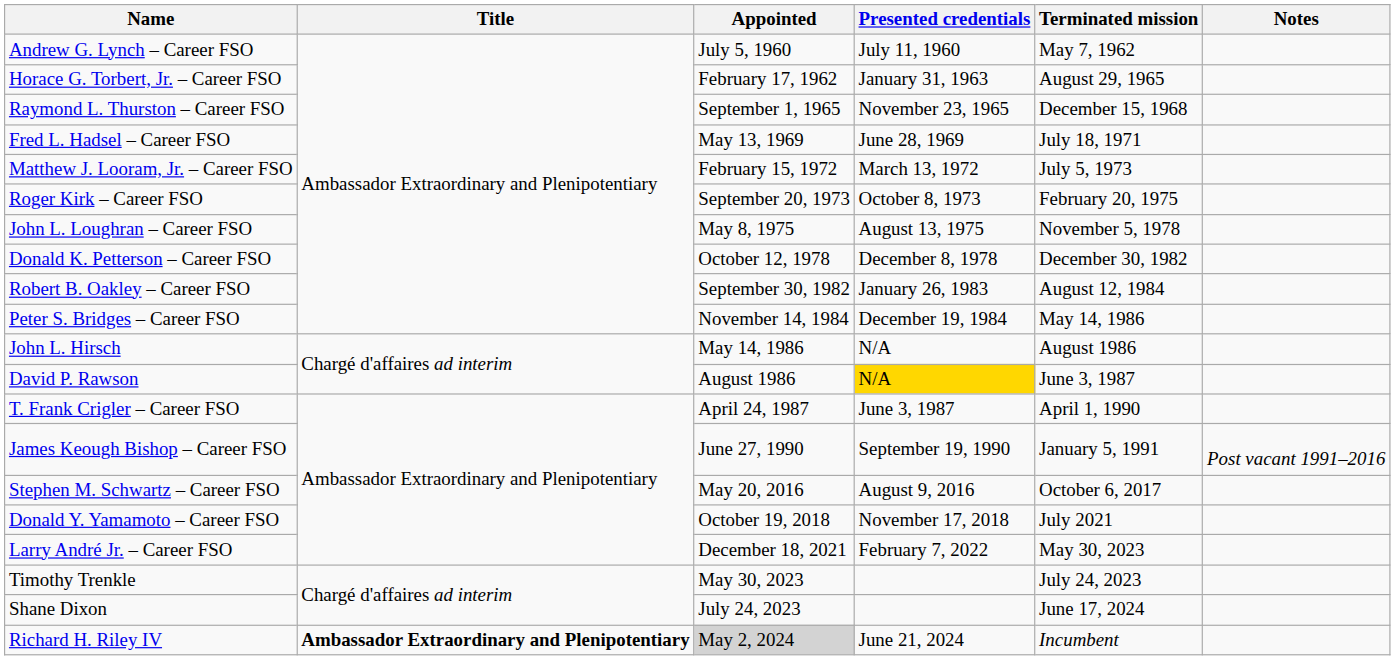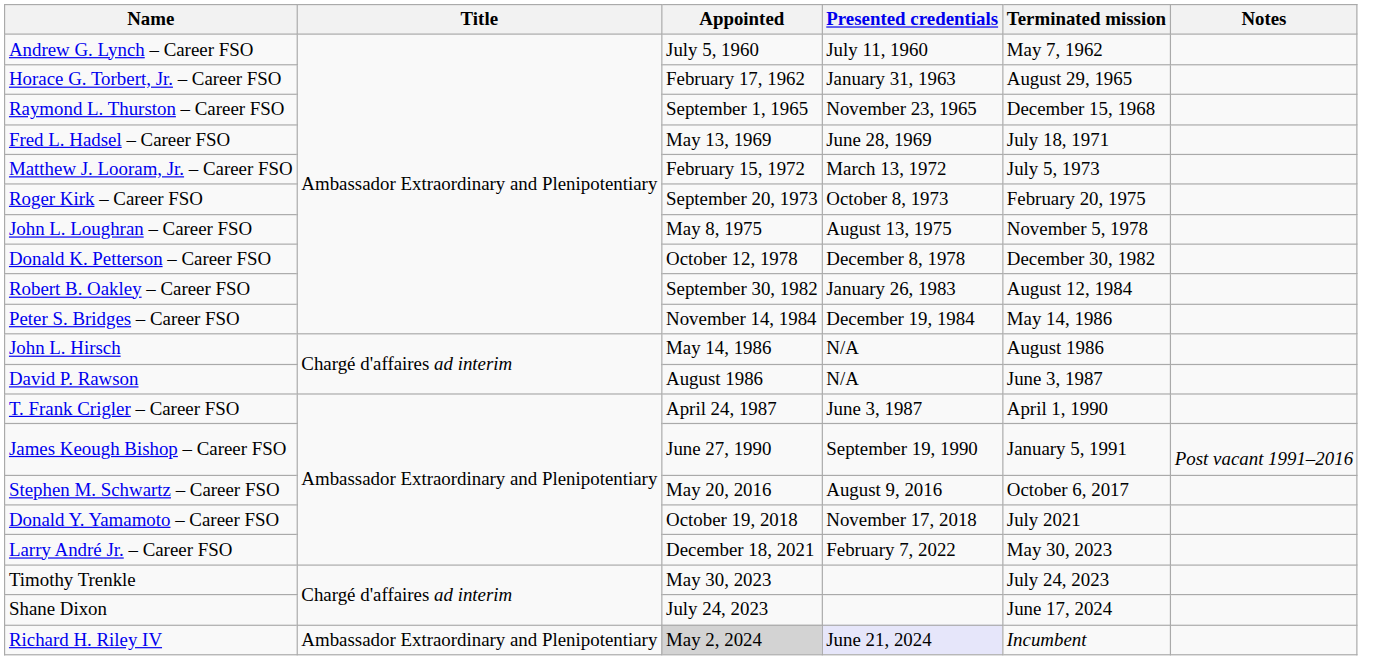 <table class="wikitable">
 <tr>
 <th>Name</th>
 <th>Title</th>
 <th>Appointed</th>
 <th><a href='#'>Presented credentials</a></th>
 <th>Terminated mission</th>
 <th>Notes</th>
 </tr>
 <tr>
 <td><a href='#'>Andrew G. Lynch</a> – Career FSO</td>
 <td rowspan="10">Ambassador Extraordinary and Plenipotentiary</td>
 <td>July 5, 1960</td>
 <td>July 11, 1960</td>
 <td>May 7, 1962</td>
 <td></td>
 </tr>
 <tr>
 <td><a href='#'>Horace G. Torbert, Jr.</a> – Career FSO</td>
 <td>February 17, 1962</td>
 <td>January 31, 1963</td>
 <td>August 29, 1965</td>
 <td></td>
 </tr>
 <tr>
 <td><a href='#'>Raymond L. Thurston</a> – Career FSO</td>
 <td>September 1, 1965</td>
 <td>November 23, 1965</td>
 <td>December 15, 1968</td>
 <td></td>
 </tr>
 <tr>
 <td><a href='#'>Fred L. Hadsel</a> – Career FSO</td>
 <td>May 13, 1969</td>
 <td>June 28, 1969</td>
 <td>July 18, 1971</td>
 <td></td>
 </tr>
 <tr>
 <td><a href='#'>Matthew J. Looram, Jr.</a> – Career FSO</td>
 <td>February 15, 1972</td>
 <td>March 13, 1972</td>
 <td>July 5, 1973</td>
 <td></td>
 </tr>
 <tr>
 <td><a href='#'>Roger Kirk</a> – Career FSO</td>
 <td>September 20, 1973</td>
 <td>October 8, 1973</td>
 <td>February 20, 1975</td>
 <td></td>
 </tr>
 <tr>
 <td><a href='#'>John L. Loughran</a> – Career FSO</td>
 <td>May 8, 1975</td>
 <td>August 13, 1975</td>
 <td>November 5, 1978</td>
 <td></td>
 </tr>
 <tr>
 <td><a href='#'>Donald K. Petterson</a> – Career FSO</td>
 <td>October 12, 1978</td>
 <td>December 8, 1978</td>
 <td>December 30, 1982</td>
 <td></td>
 </tr>
 <tr>
 <td><a href='#'>Robert B. Oakley</a> – Career FSO</td>
 <td>September 30, 1982</td>
 <td>January 26, 1983</td>
 <td>August 12, 1984</td>
 <td></td>
 </tr>
 <tr>
 <td><a href='#'>Peter S. Bridges</a> – Career FSO</td>
 <td>November 14, 1984</td>
 <td>December 19, 1984</td>
 <td>May 14, 1986</td>
 <td></td>
 </tr>
 <tr>
 <td><a href='#'>John L. Hirsch</a></td>
 <td rowspan="2">Chargé d'affaires <em>ad interim</em></td>
 <td>May 14, 1986</td>
 <td>N/A</td>
 <td>August 1986</td>
 <td></td>
 </tr>
 <tr>
 <td><a href='#'>David P. Rawson</a></td>
 <td>August 1986</td>
-<td style="background: gold;">N/A</td>
+<td>N/A</td>
 <td>June 3, 1987</td>
 <td></td>
 </tr>
 <tr>
 <td><a href='#'>T. Frank Crigler</a> – Career FSO</td>
 <td rowspan="5">Ambassador Extraordinary and Plenipotentiary</td>
 <td>April 24, 1987</td>
 <td>June 3, 1987</td>
 <td>April 1, 1990</td>
 <td></td>
 </tr>
 <tr>
 <td><a href='#'>James Keough Bishop</a> – Career FSO</td>
 <td>June 27, 1990</td>
 <td>September 19, 1990</td>
 <td>January 5, 1991</td>
 <td><br><em>Post vacant 1991–2016</em></td>
 </tr>
 <tr>
 <td><a href='#'>Stephen M. Schwartz</a> – Career FSO</td>
 <td>May 20, 2016</td>
 <td>August 9, 2016</td>
 <td>October 6, 2017</td>
 <td></td>
 </tr>
 <tr>
 <td><a href='#'>Donald Y. Yamamoto</a> – Career FSO</td>
 <td>October 19, 2018</td>
 <td>November 17, 2018</td>
 <td>July 2021</td>
 <td></td>
 </tr>
 <tr>
 <td><a href='#'>Larry André Jr.</a> – Career FSO</td>
 <td>December 18, 2021</td>
 <td>February 7, 2022</td>
 <td>May 30, 2023</td>
 <td></td>
 </tr>
 <tr>
 <td>Timothy Trenkle</td>
 <td rowspan="2">Chargé d'affaires <em>ad interim</em></td>
 <td>May 30, 2023</td>
 <td></td>
 <td>July 24, 2023</td>
 <td></td>
 </tr>
 <tr>
 <td>Shane Dixon</td>
 <td>July 24, 2023</td>
 <td></td>
 <td>June 17, 2024</td>
 <td></td>
 </tr>
 <tr>
 <td><a href='#'>Richard H. Riley IV</a></td>
-<td><strong>Ambassador Extraordinary and Plenipotentiary</strong></td>
+<td>Ambassador Extraordinary and Plenipotentiary</td>
 <td style="background: lightgrey;">May 2, 2024</td>
-<td>June 21, 2024</td>
+<td style="background: lavender;">June 21, 2024</td>
 <td><em>Incumbent</em></td>
 <td></td>
 </tr>
 </table>
